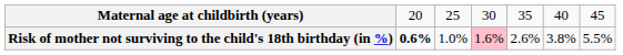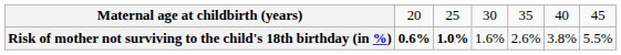 <table class="wikitable" style="text-align:center;">
 <tr>
 <th>Maternal age at childbirth (years)</th>
 <td>20</td>
 <td>25</td>
 <td>30</td>
 <td>35</td>
 <td>40</td>
 <td>45</td>
 </tr>
 <tr>
 <th>Risk of mother not surviving to the child's 18th birthday (in <a href='#'>%</a>)</th>
 <td><strong>0.6%</strong></td>
-<td>1.0%</td>
-<td style="background: pink;">1.6%</td>
+<td><strong>1.0%</strong></td>
+<td>1.6%</td>
 <td>2.6%</td>
 <td>3.8%</td>
 <td>5.5%</td>
 </tr>
 </table>
